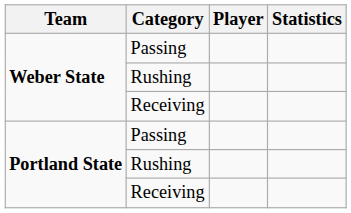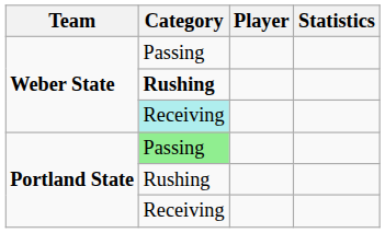 <table class="wikitable" style="float: right;">
 <tr>
 <th>Team</th>
 <th>Category</th>
 <th>Player</th>
 <th>Statistics</th>
 </tr>
 <tr>
 <td rowspan=3><strong>Weber State</strong></td>
 <td>Passing</td>
 <td></td>
 <td></td>
 </tr>
 <tr>
-<td>Rushing</td>
+<td><strong>Rushing</strong></td>
 <td></td>
 <td></td>
 </tr>
 <tr>
-<td>Receiving</td>
+<td style="background: paleturquoise;">Receiving</td>
 <td></td>
 <td></td>
 </tr>
 <tr>
 <td rowspan=3><strong>Portland State</strong></td>
-<td>Passing</td>
+<td style="background: lightgreen;">Passing</td>
 <td></td>
 <td></td>
 </tr>
 <tr>
 <td>Rushing</td>
 <td></td>
 <td></td>
 </tr>
 <tr>
 <td>Receiving</td>
 <td></td>
 <td></td>
 </tr>
 </table>
